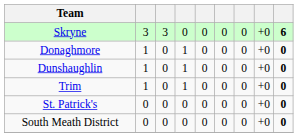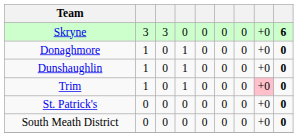 <table class="wikitable" style="text-align:center">
 <tr>
 <th style="width:175px;">Team</th>
 <th width="20"></th>
 <th width="20"></th>
 <th width="20"></th>
 <th width="20"></th>
 <th width="20"></th>
 <th width="20"></th>
 <th width="20"></th>
 <th width="20"></th>
 </tr>
 <tr style="background:#cfc;">
 <td><a href='#'>Skryne</a></td>
 <td>3</td>
 <td>3</td>
 <td>0</td>
 <td>0</td>
 <td>0</td>
 <td>0</td>
 <td>+0</td>
 <td><strong>6</strong></td>
 </tr>
 <tr>
 <td><a href='#'>Donaghmore</a></td>
 <td>1</td>
 <td>0</td>
 <td>1</td>
 <td>0</td>
 <td>0</td>
 <td>0</td>
 <td>+0</td>
 <td><strong>0</strong></td>
 </tr>
 <tr>
 <td><a href='#'>Dunshaughlin</a></td>
 <td>1</td>
 <td>0</td>
 <td>1</td>
 <td>0</td>
 <td>0</td>
 <td>0</td>
 <td>+0</td>
 <td><strong>0</strong></td>
 </tr>
 <tr>
 <td><a href='#'>Trim</a></td>
 <td>1</td>
 <td>0</td>
 <td>1</td>
 <td>0</td>
 <td>0</td>
 <td>0</td>
-<td>+0</td>
+<td style="background: pink;">+0</td>
 <td><strong>0</strong></td>
 </tr>
 <tr>
 <td><a href='#'>St. Patrick's</a></td>
 <td>0</td>
 <td>0</td>
 <td>0</td>
 <td>0</td>
 <td>0</td>
 <td>0</td>
 <td>+0</td>
 <td><strong>0</strong></td>
 </tr>
 <tr>
 <td>South Meath District</td>
 <td>0</td>
 <td>0</td>
 <td>0</td>
 <td>0</td>
 <td>0</td>
 <td>0</td>
 <td>+0</td>
 <td><strong>0</strong></td>
 </tr>
 <tr>
 </tr>
 </table>
